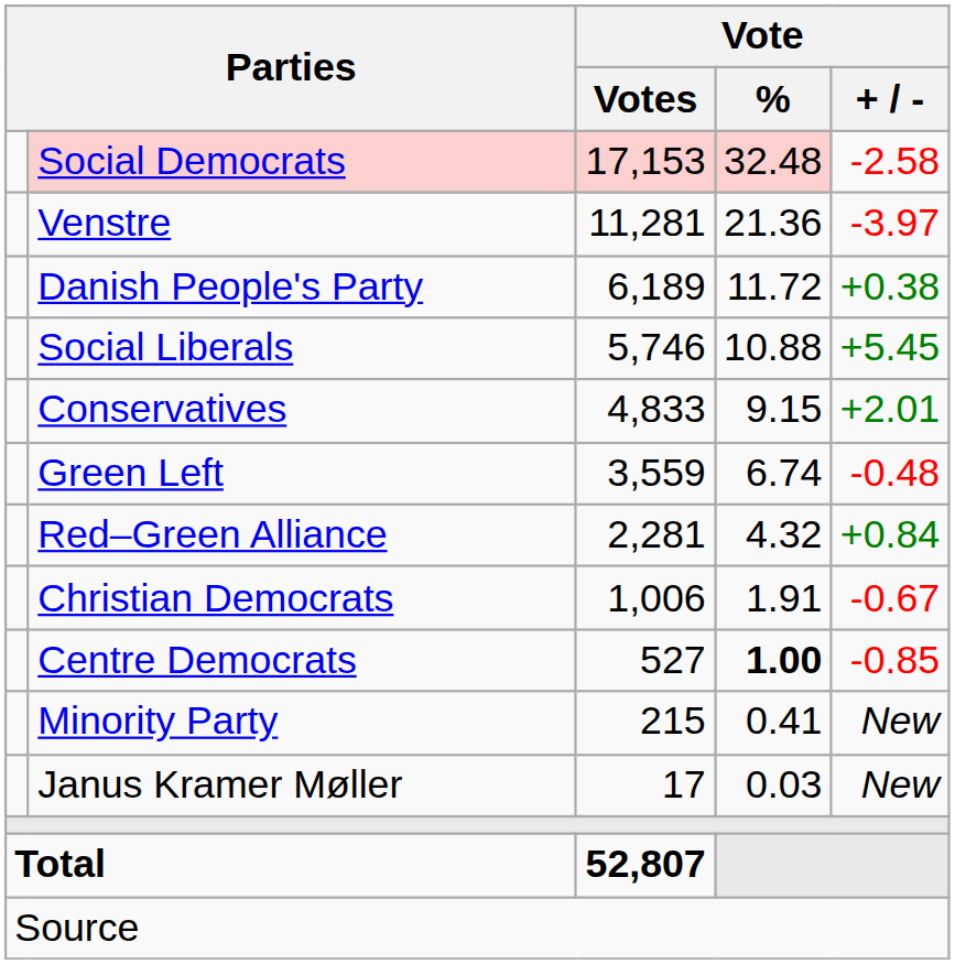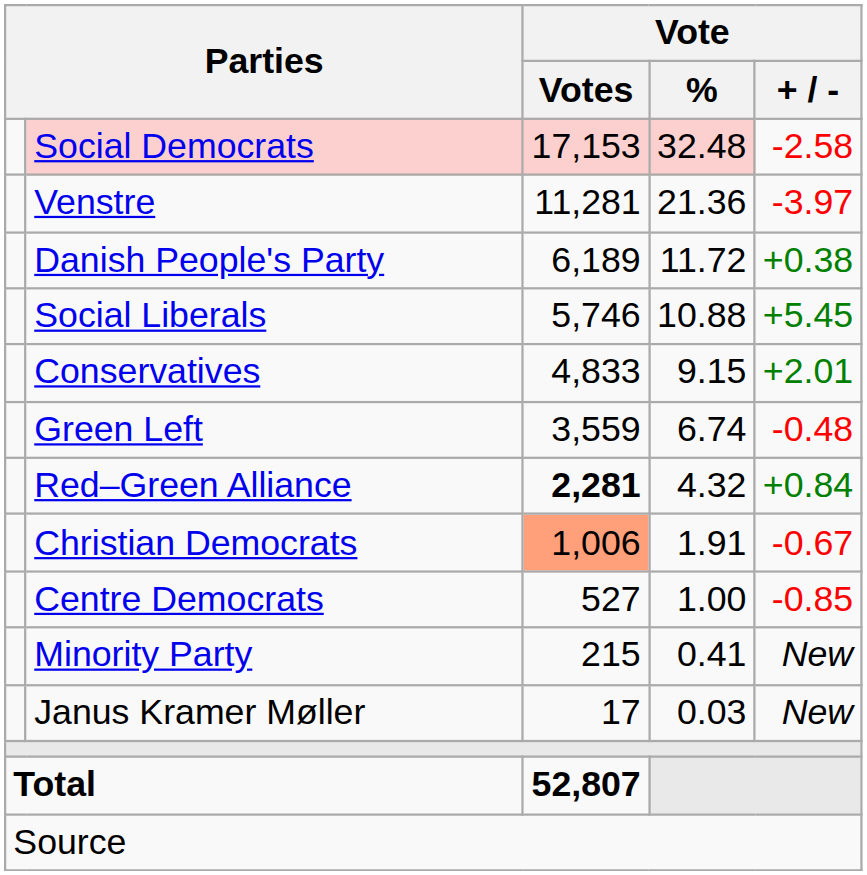 <table class="wikitable" style="text-align:right;">
 <tr>
 <th style="text-align:centre;" rowspan="2" colspan="2" width="225">Parties</th>
 <th colspan="3">Vote</th>
 </tr>
 <tr>
 <th width="15">Votes</th>
 <th width="15">%</th>
 <th width="15">+ / -</th>
 </tr>
 <tr>
 <td width="2" style="color:inherit;background:"></td>
 <td bgcolor=#fbd0ce  align="left"><a href='#'>Social Democrats</a></td>
 <td bgcolor=#fbd0ce>17,153</td>
 <td bgcolor=#fbd0ce>32.48</td>
 <td style=color:red;>-2.58</td>
 </tr>
 <tr>
 <td width="2" style="color:inherit;background:"></td>
 <td align="left"><a href='#'>Venstre</a></td>
 <td>11,281</td>
 <td>21.36</td>
 <td style=color:red;>-3.97</td>
 </tr>
 <tr>
 <td width="2" style="color:inherit;background:"></td>
 <td align="left"><a href='#'>Danish People's Party</a></td>
 <td>6,189</td>
 <td>11.72</td>
 <td style=color:green;>+0.38</td>
 </tr>
 <tr>
 <td width="2" style="color:inherit;background:"></td>
 <td align="left"><a href='#'>Social Liberals</a></td>
 <td>5,746</td>
 <td>10.88</td>
 <td style=color:green;>+5.45</td>
 </tr>
 <tr>
 <td width="2" style="color:inherit;background:"></td>
 <td align="left"><a href='#'>Conservatives</a></td>
 <td>4,833</td>
 <td>9.15</td>
 <td style=color:green;>+2.01</td>
 </tr>
 <tr>
 <td width="2" style="color:inherit;background:"></td>
 <td align="left"><a href='#'>Green Left</a></td>
 <td>3,559</td>
 <td>6.74</td>
 <td style=color:red;>-0.48</td>
 </tr>
 <tr>
 <td width="2" style="color:inherit;background:"></td>
 <td align="left"><a href='#'>Red–Green Alliance</a></td>
-<td>2,281</td>
+<td><strong>2,281</strong></td>
 <td>4.32</td>
 <td style=color:green;>+0.84</td>
 </tr>
 <tr>
 <td width="2" style="color:inherit;background:"></td>
 <td align="left"><a href='#'>Christian Democrats</a></td>
-<td>1,006</td>
+<td style="background: lightsalmon;">1,006</td>
 <td>1.91</td>
 <td style=color:red;>-0.67</td>
 </tr>
 <tr>
 <td width="2" style="color:inherit;background:"></td>
 <td align="left"><a href='#'>Centre Democrats</a></td>
 <td>527</td>
-<td><strong>1.00</strong></td>
+<td>1.00</td>
 <td style=color:red;>-0.85</td>
 </tr>
 <tr>
 <td width="2" style="color:inherit;background:"></td>
 <td align="left"><a href='#'>Minority Party</a></td>
 <td>215</td>
 <td>0.41</td>
 <td><em>New</em></td>
 </tr>
 <tr>
 <td width="2" style="color:inherit;background:"></td>
 <td align="left">Janus Kramer Møller</td>
 <td>17</td>
 <td>0.03</td>
 <td><em>New</em></td>
 </tr>
 <tr>
 <td colspan="7" bgcolor="#E9E9E9"></td>
 </tr>
 <tr>
 <td align="left" colspan="2"><strong>Total</strong></td>
 <td><strong>52,807</strong></td>
 <td bgcolor="#E9E9E9" colspan="2"></td>
 </tr>
 <tr>
 <td align="left" colspan="6">Source</td>
 </tr>
 </table>
